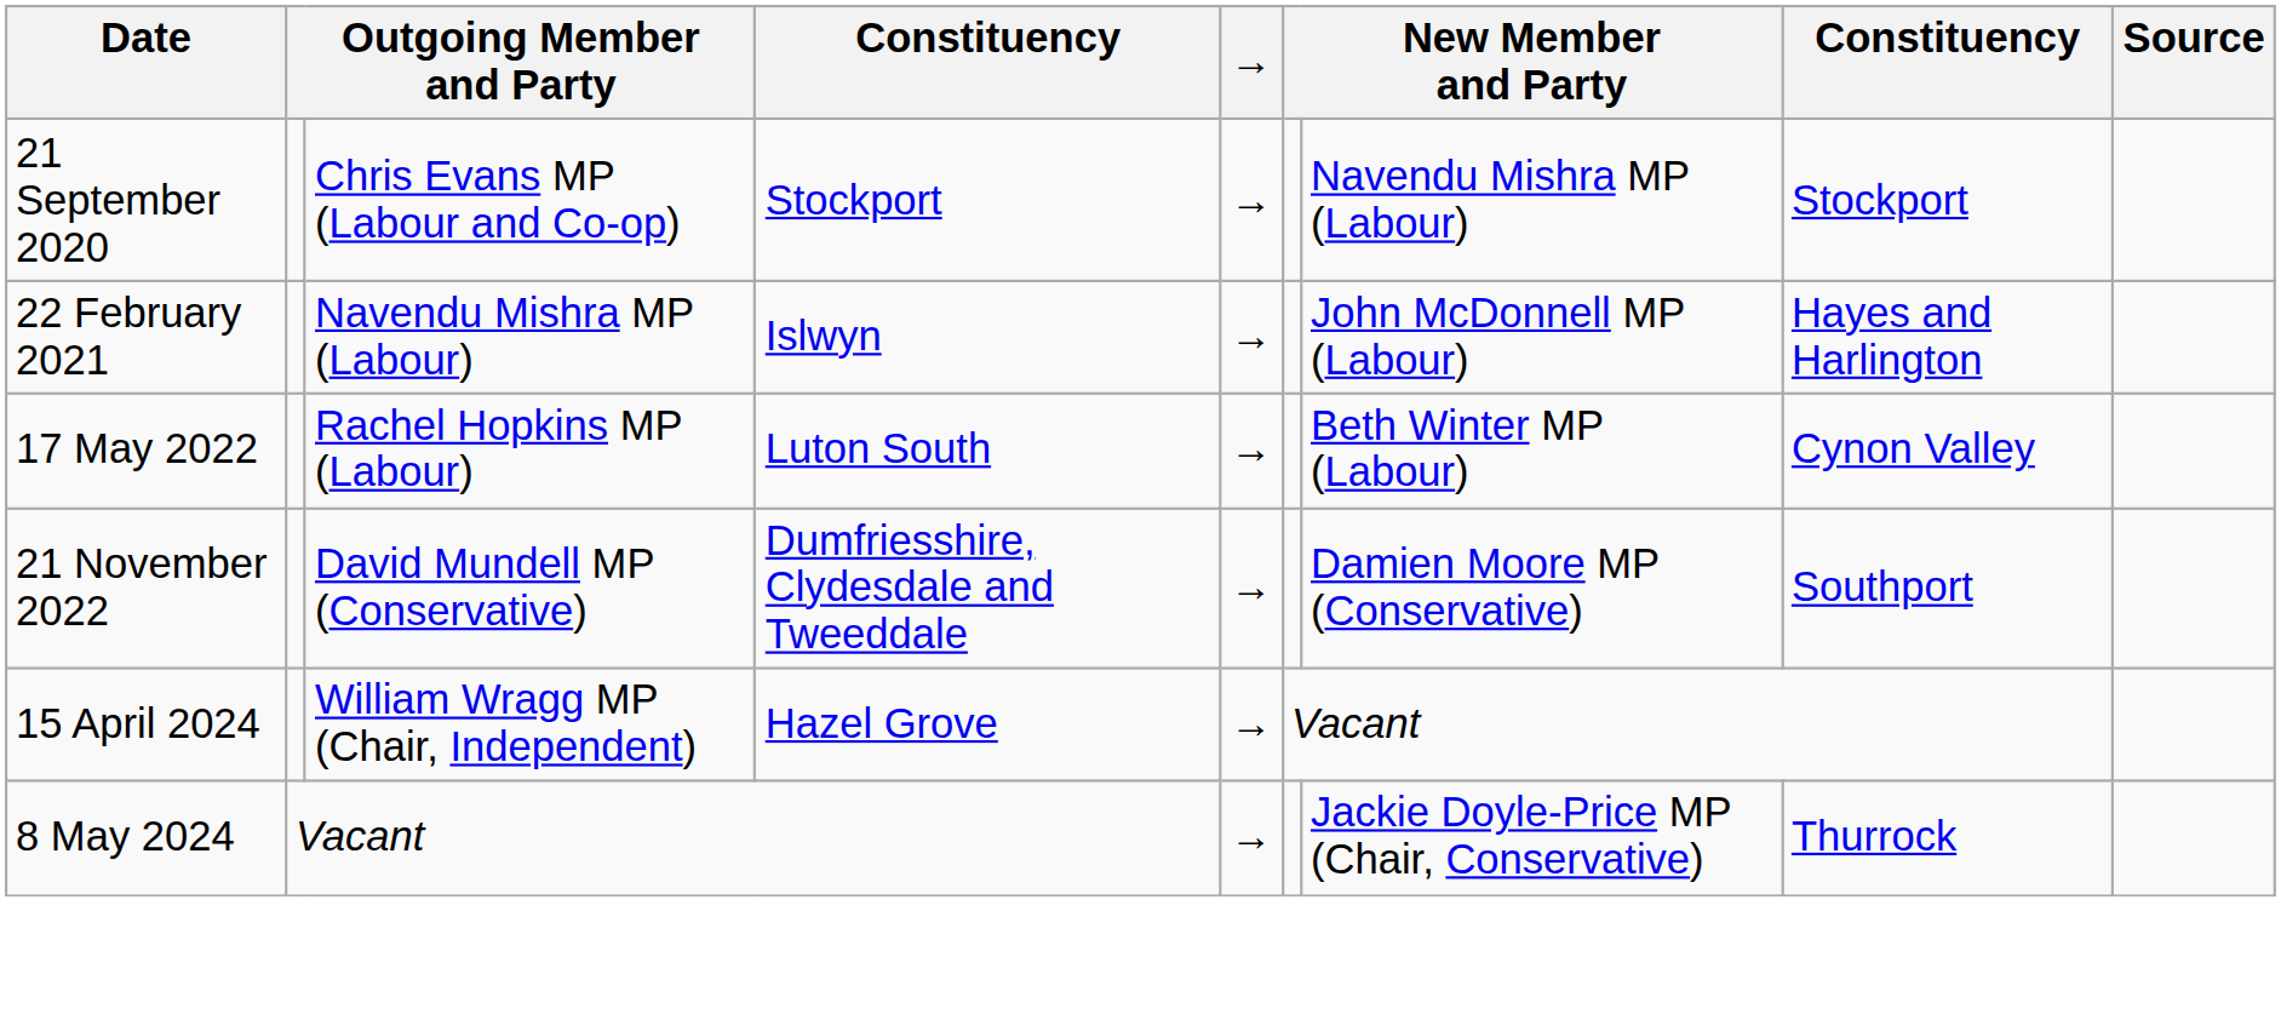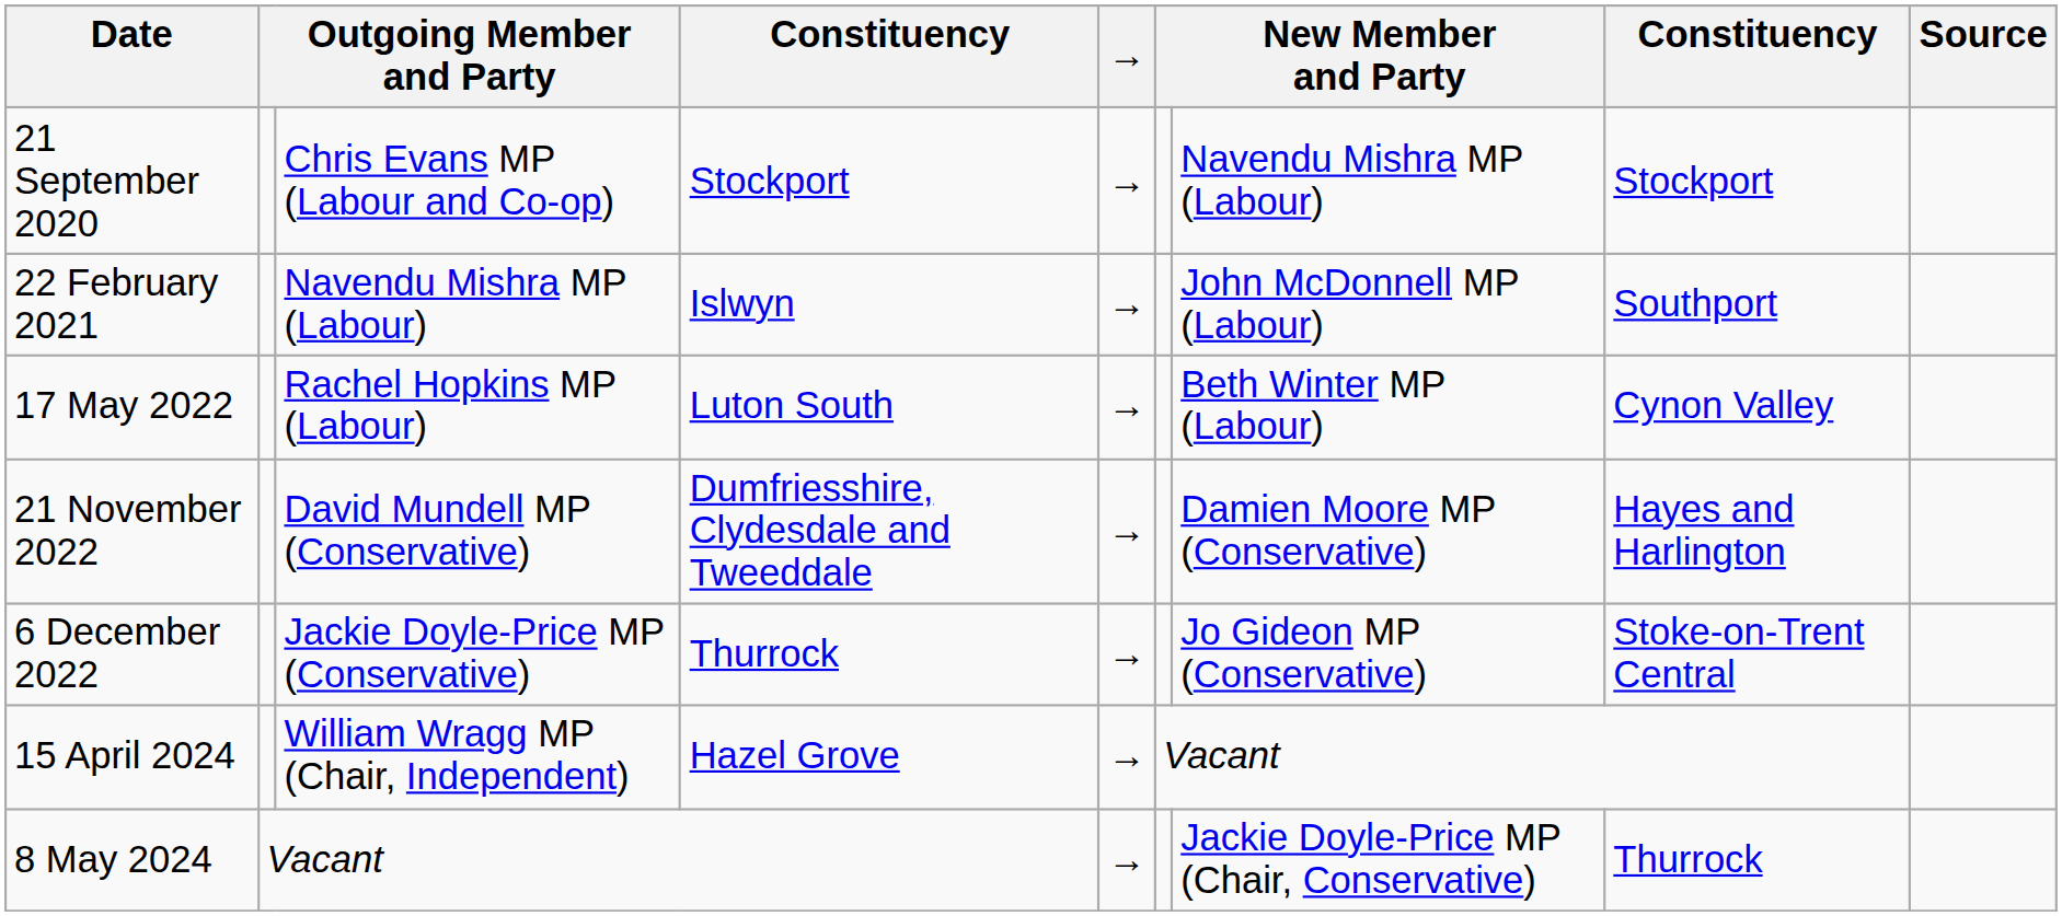 <table class="wikitable">
 <tr>
 <th valign="top">Date</th>
 <th colspan="2" valign="top">Outgoing Member<br>and Party</th>
 <th valign="top">Constituency</th>
 <th>→</th>
 <th colspan="2" valign="top">New Member<br>and Party</th>
 <th valign="top">Constituency</th>
 <th valign="top">Source</th>
 </tr>
 <tr>
 <td>21 September 2020</td>
 <td style="color:inherit;background:"></td>
 <td><a href='#'>Chris Evans</a> MP (<a href='#'>Labour and Co-op</a>)</td>
 <td><a href='#'>Stockport</a></td>
 <td>→</td>
 <td style="color:inherit;background:"></td>
 <td><a href='#'>Navendu Mishra</a> MP (<a href='#'>Labour</a>)</td>
 <td><a href='#'>Stockport</a></td>
 <td></td>
 </tr>
 <tr>
 <td>22 February 2021</td>
 <td style="color:inherit;background:"></td>
 <td><a href='#'>Navendu Mishra</a> MP (<a href='#'>Labour</a>)</td>
 <td><a href='#'>Islwyn</a></td>
 <td>→</td>
 <td style="color:inherit;background:"></td>
 <td><a href='#'>John McDonnell</a> MP (<a href='#'>Labour</a>)</td>
-<td><a href='#'>Hayes and Harlington</a></td>
+<td><a href='#'>Southport</a></td>
 <td></td>
 </tr>
 <tr>
 <td>17 May 2022</td>
 <td style="color:inherit;background:"></td>
 <td><a href='#'>Rachel Hopkins</a> MP (<a href='#'>Labour</a>)</td>
 <td><a href='#'>Luton South</a></td>
 <td>→</td>
 <td style="color:inherit;background:"></td>
 <td><a href='#'>Beth Winter</a> MP (<a href='#'>Labour</a>)</td>
 <td><a href='#'>Cynon Valley</a></td>
 <td></td>
 </tr>
 <tr>
 <td>21 November 2022</td>
 <td style="color:inherit;background:"></td>
 <td><a href='#'>David Mundell</a> MP (<a href='#'>Conservative</a>)</td>
 <td><a href='#'>Dumfriesshire, Clydesdale and Tweeddale</a></td>
 <td>→</td>
 <td style="color:inherit;background:"></td>
 <td><a href='#'>Damien Moore</a> MP (<a href='#'>Conservative</a>)</td>
-<td><a href='#'>Southport</a></td>
+<td><a href='#'>Hayes and Harlington</a></td>
+<td></td>
+</tr>
+<tr>
+<td>6 December 2022</td>
+<td style="color:inherit;background:"></td>
+<td><a href='#'>Jackie Doyle-Price</a> MP (<a href='#'>Conservative</a>)</td>
+<td><a href='#'>Thurrock</a></td>
+<td>→</td>
+<td style="color:inherit;background:"></td>
+<td><a href='#'>Jo Gideon</a> MP (<a href='#'>Conservative</a>)</td>
+<td><a href='#'>Stoke-on-Trent Central</a></td>
 <td></td>
 </tr>
 <tr>
 <td>15 April 2024</td>
 <td style="color:inherit;background:"></td>
 <td><a href='#'>William Wragg</a> MP (Chair, <a href='#'>Independent</a>)</td>
 <td><a href='#'>Hazel Grove</a></td>
 <td>→</td>
 <td colspan=3><em>Vacant</em></td>
 <td></td>
 </tr>
 <tr>
 <td>8 May 2024</td>
 <td colspan=3><em>Vacant</em></td>
 <td>→</td>
 <td style="color:inherit;background:"></td>
 <td><a href='#'>Jackie Doyle-Price</a> MP (Chair, <a href='#'>Conservative</a>)</td>
 <td><a href='#'>Thurrock</a></td>
 <td></td>
 </tr>
 </table>
